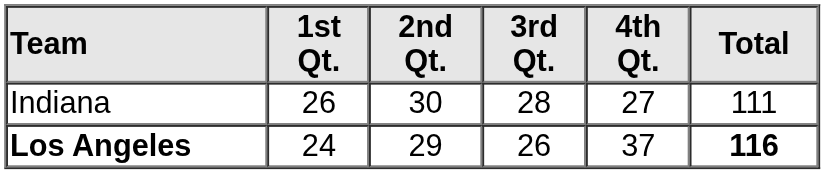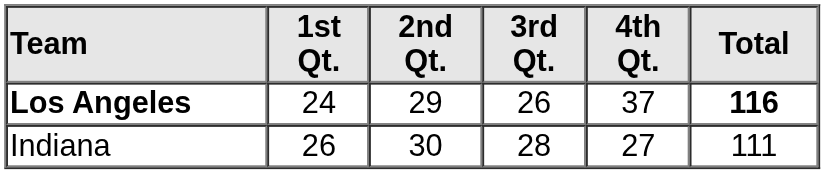 <table border=1 cellspacing=0 width=425 style="margin-left:3em;">
 <tr style="text-align:center; background-color:#e6e6e6;">
 <th align=left width=16%>Team</th>
 <th width=6%>1st Qt.</th>
 <th width=6%>2nd Qt.</th>
 <th width=6%>3rd Qt.</th>
 <th width=6%>4th Qt.</th>
 <th width=6%>Total</th>
 </tr>
 <tr style="text-align:center;">
+<td align=left><strong>Los Angeles</strong></td>
+<td>24</td>
+<td>29</td>
+<td>26</td>
+<td>37</td>
+<td><strong>116</strong></td>
+</tr>
+<tr style="text-align:center;">
 <td align=left>Indiana</td>
 <td>26</td>
 <td>30</td>
 <td>28</td>
 <td>27</td>
 <td>111</td>
 </tr>
 <tr style="text-align:center;">
-<td align=left><strong>Los Angeles</strong></td>
-<td>24</td>
-<td>29</td>
-<td>26</td>
-<td>37</td>
-<td><strong>116</strong></td>
-</tr>
-<tr style="text-align:center;">
 </tr>
 </table>
